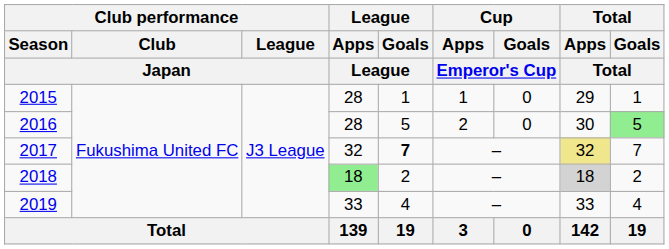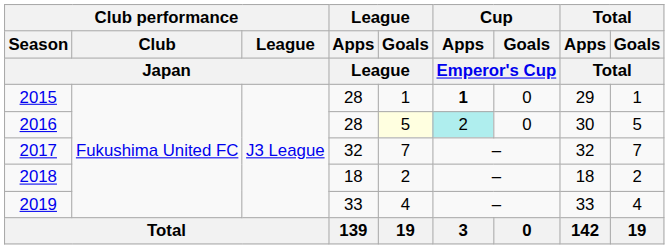 <table class="wikitable" style="text-align:center;">
 <tr>
 <th colspan=3>Club performance</th>
 <th colspan=2>League</th>
 <th colspan=2>Cup</th>
 <th colspan=2>Total</th>
 </tr>
 <tr>
 <th>Season</th>
 <th>Club</th>
 <th>League</th>
 <th>Apps</th>
 <th>Goals</th>
 <th>Apps</th>
 <th>Goals</th>
 <th>Apps</th>
 <th>Goals</th>
 </tr>
 <tr>
 <th colspan=3>Japan</th>
 <th colspan=2>League</th>
 <th colspan=2><a href='#'>Emperor's Cup</a></th>
 <th colspan=2>Total</th>
 </tr>
 <tr>
 <td><a href='#'>2015</a></td>
 <td rowspan="5"><a href='#'>Fukushima United FC</a></td>
 <td rowspan="5"><a href='#'>J3 League</a></td>
 <td>28</td>
 <td>1</td>
-<td>1</td>
+<td><strong>1</strong></td>
 <td>0</td>
 <td>29</td>
 <td>1</td>
 </tr>
 <tr>
 <td><a href='#'>2016</a></td>
 <td>28</td>
-<td>5</td>
-<td>2</td>
+<td style="background: lightyellow;">5</td>
+<td style="background: paleturquoise;">2</td>
 <td>0</td>
 <td>30</td>
-<td style="background: lightgreen;">5</td>
+<td>5</td>
 </tr>
 <tr>
 <td><a href='#'>2017</a></td>
 <td>32</td>
-<td><strong>7</strong></td>
+<td>7</td>
 <td colspan="2">–</td>
-<td style="background: khaki;">32</td>
+<td>32</td>
 <td>7</td>
 </tr>
 <tr>
 <td><a href='#'>2018</a></td>
-<td style="background: lightgreen;">18</td>
+<td>18</td>
 <td>2</td>
 <td colspan="2">–</td>
-<td style="background: lightgrey;">18</td>
+<td>18</td>
 <td>2</td>
 </tr>
 <tr>
 <td><a href='#'>2019</a></td>
 <td>33</td>
 <td>4</td>
 <td colspan="2">–</td>
 <td>33</td>
 <td>4</td>
 </tr>
 <tr>
 <th colspan=3>Total</th>
 <th>139</th>
 <th>19</th>
 <th>3</th>
 <th>0</th>
 <th>142</th>
 <th>19</th>
 </tr>
 </table>
